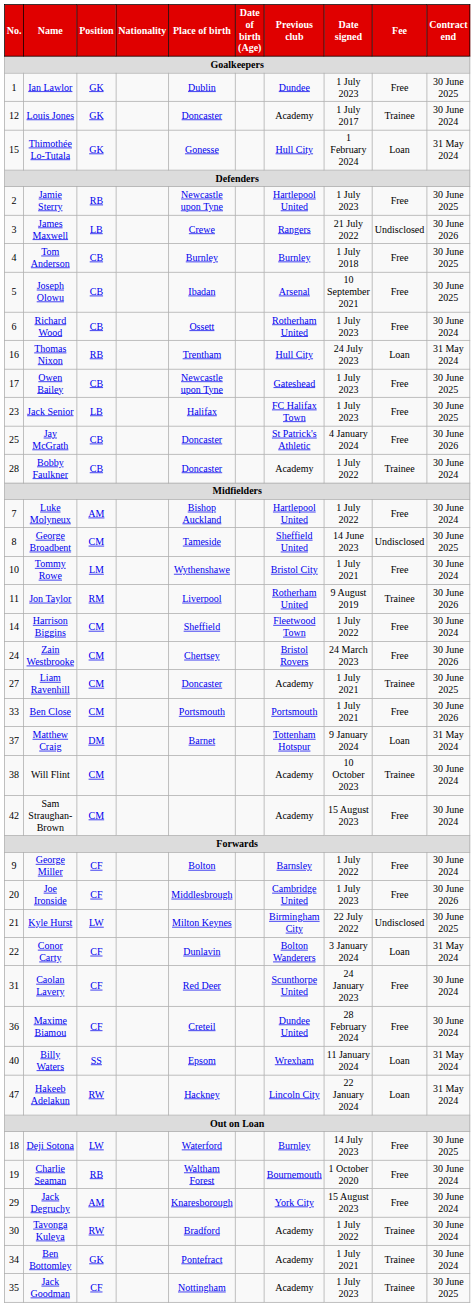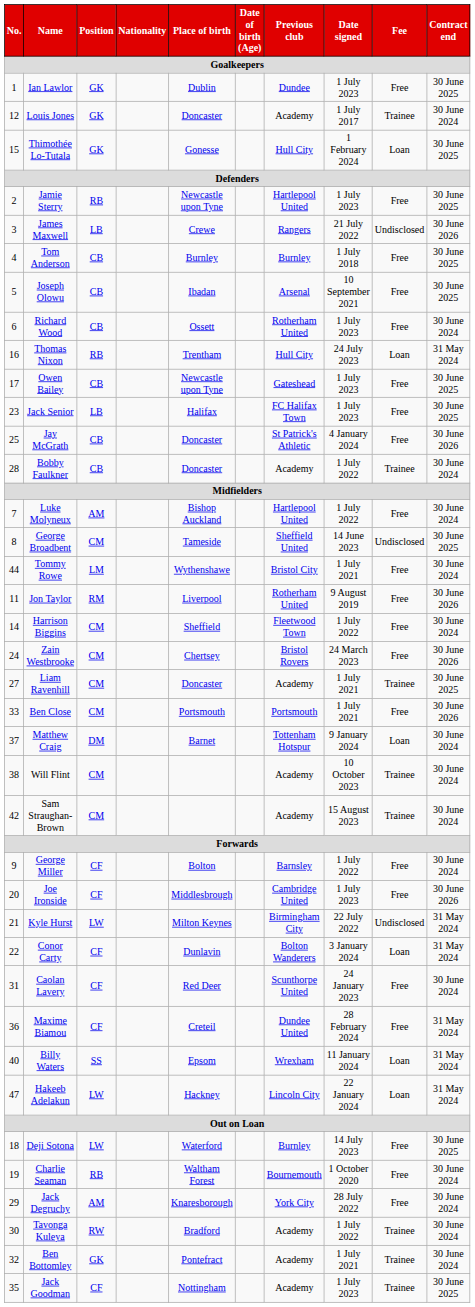 <table class="wikitable" style="text-align:center; font-size:84.5%; width:101%;">
 <tr>
 <th style="background:#E00000;border:1px solid black;color:white; text-align:center;">No.</th>
 <th style="background:#E00000;border:1px solid black;color:white; text-align:center;">Name</th>
 <th style="background:#E00000;border:1px solid black;color:white; text-align:center;">Position</th>
 <th style="background:#E00000;border:1px solid black;color:white; text-align:center;">Nationality</th>
 <th style="background:#E00000;border:1px solid black;color:white; text-align:center;">Place of birth</th>
 <th style="background:#E00000;border:1px solid black;color:white; text-align:center;">Date of birth (Age)</th>
 <th style="background:#E00000;border:1px solid black;color:white; text-align:center;">Previous club</th>
 <th style="background:#E00000;border:1px solid black;color:white; text-align:center;">Date signed</th>
 <th style="background:#E00000;border:1px solid black;color:white; text-align:center;">Fee</th>
 <th style="background:#E00000;border:1px solid black;color:white; text-align:center;">Contract end</th>
 </tr>
 <tr>
 <th colspan="14" style="background:#dcdcdc; tepxt-align:center;">Goalkeepers</th>
 </tr>
 <tr>
 <td>1</td>
 <td><a href='#'>Ian Lawlor</a></td>
 <td><a href='#'>GK</a></td>
 <td></td>
 <td><a href='#'>Dublin</a></td>
 <td></td>
 <td> <a href='#'>Dundee</a></td>
 <td>1 July 2023</td>
 <td>Free</td>
 <td>30 June 2025</td>
 </tr>
 <tr>
 <td>12</td>
 <td><a href='#'>Louis Jones</a></td>
 <td><a href='#'>GK</a></td>
 <td></td>
 <td><a href='#'>Doncaster</a></td>
 <td></td>
 <td>Academy</td>
 <td>1 July 2017</td>
 <td>Trainee</td>
 <td>30 June 2024</td>
 </tr>
 <tr>
 <td>15</td>
 <td><a href='#'>Thimothée Lo-Tutala</a></td>
 <td><a href='#'>GK</a></td>
 <td></td>
 <td><a href='#'>Gonesse</a></td>
 <td></td>
 <td><a href='#'>Hull City</a></td>
 <td>1 February 2024</td>
 <td>Loan</td>
-<td>31 May 2024</td>
+<td>30 June 2025</td>
 </tr>
 <tr>
 <th colspan="14" style="background:#dcdcdc; tepxt-align:center;">Defenders</th>
 </tr>
 <tr>
 <td>2</td>
 <td><a href='#'>Jamie Sterry</a></td>
 <td><a href='#'>RB</a></td>
 <td></td>
 <td><a href='#'>Newcastle upon Tyne</a></td>
 <td></td>
 <td><a href='#'>Hartlepool United</a></td>
 <td>1 July 2023</td>
 <td>Free</td>
 <td>30 June 2025</td>
 </tr>
 <tr>
 <td>3</td>
 <td><a href='#'>James Maxwell</a></td>
 <td><a href='#'>LB</a></td>
 <td></td>
 <td> <a href='#'>Crewe</a></td>
 <td></td>
 <td> <a href='#'>Rangers</a></td>
 <td>21 July 2022</td>
 <td>Undisclosed</td>
 <td>30 June 2026</td>
 </tr>
 <tr>
 <td>4</td>
 <td><a href='#'>Tom Anderson</a></td>
 <td><a href='#'>CB</a></td>
 <td></td>
 <td><a href='#'>Burnley</a></td>
 <td></td>
 <td><a href='#'>Burnley</a></td>
 <td>1 July 2018</td>
 <td>Free</td>
 <td>30 June 2025</td>
 </tr>
 <tr>
 <td>5</td>
 <td><a href='#'>Joseph Olowu</a></td>
 <td><a href='#'>CB</a></td>
 <td></td>
 <td> <a href='#'>Ibadan</a></td>
 <td></td>
 <td><a href='#'>Arsenal</a></td>
 <td>10 September 2021</td>
 <td>Free</td>
 <td>30 June 2025</td>
 </tr>
 <tr>
 <td>6</td>
 <td><a href='#'>Richard Wood</a></td>
 <td><a href='#'>CB</a></td>
 <td></td>
 <td><a href='#'>Ossett</a></td>
 <td></td>
 <td><a href='#'>Rotherham United</a></td>
 <td>1 July 2023</td>
 <td>Free</td>
 <td>30 June 2024</td>
 </tr>
 <tr>
 <td>16</td>
 <td><a href='#'>Thomas Nixon</a></td>
 <td><a href='#'>RB</a></td>
 <td></td>
 <td><a href='#'>Trentham</a></td>
 <td></td>
 <td><a href='#'>Hull City</a></td>
 <td>24 July 2023</td>
 <td>Loan</td>
 <td>31 May 2024</td>
 </tr>
 <tr>
 <td>17</td>
 <td><a href='#'>Owen Bailey</a></td>
 <td><a href='#'>CB</a></td>
 <td></td>
 <td><a href='#'>Newcastle upon Tyne</a></td>
 <td></td>
 <td><a href='#'>Gateshead</a></td>
 <td>1 July 2023</td>
 <td>Free</td>
 <td>30 June 2025</td>
 </tr>
 <tr>
 <td>23</td>
 <td><a href='#'>Jack Senior</a></td>
 <td><a href='#'>LB</a></td>
 <td></td>
 <td><a href='#'>Halifax</a></td>
 <td></td>
 <td><a href='#'>FC Halifax Town</a></td>
 <td>1 July 2023</td>
 <td>Free</td>
 <td>30 June 2025</td>
 </tr>
 <tr>
 <td>25</td>
 <td><a href='#'>Jay McGrath</a></td>
 <td><a href='#'>CB</a></td>
 <td></td>
 <td> <a href='#'>Doncaster</a></td>
 <td></td>
 <td> <a href='#'>St Patrick's Athletic</a></td>
 <td>4 January 2024</td>
 <td>Free</td>
 <td>30 June 2026</td>
 </tr>
 <tr>
 <td>28</td>
 <td><a href='#'>Bobby Faulkner</a></td>
 <td><a href='#'>CB</a></td>
 <td></td>
 <td><a href='#'>Doncaster</a></td>
 <td></td>
 <td>Academy</td>
 <td>1 July 2022</td>
 <td>Trainee</td>
 <td>30 June 2024</td>
 </tr>
 <tr>
 <th colspan="14" style="background:#dcdcdc; tepxt-align:center;">Midfielders</th>
 </tr>
 <tr>
 <td>7</td>
 <td><a href='#'>Luke Molyneux</a></td>
 <td><a href='#'>AM</a></td>
 <td></td>
 <td><a href='#'>Bishop Auckland</a></td>
 <td></td>
 <td><a href='#'>Hartlepool United</a></td>
 <td>1 July 2022</td>
 <td>Free</td>
 <td>30 June 2024</td>
 </tr>
 <tr>
 <td>8</td>
 <td><a href='#'>George Broadbent</a></td>
 <td><a href='#'>CM</a></td>
 <td></td>
 <td><a href='#'>Tameside</a></td>
 <td></td>
 <td><a href='#'>Sheffield United</a></td>
 <td>14 June 2023</td>
 <td>Undisclosed</td>
 <td>30 June 2025</td>
 </tr>
 <tr>
-<td>10</td>
+<td>44</td>
 <td><a href='#'>Tommy Rowe</a></td>
 <td><a href='#'>LM</a></td>
 <td></td>
 <td><a href='#'>Wythenshawe</a></td>
 <td></td>
 <td><a href='#'>Bristol City</a></td>
 <td>1 July 2021</td>
 <td>Free</td>
 <td>30 June 2024</td>
 </tr>
 <tr>
 <td>11</td>
 <td><a href='#'>Jon Taylor</a></td>
 <td><a href='#'>RM</a></td>
 <td></td>
 <td><a href='#'>Liverpool</a></td>
 <td></td>
 <td><a href='#'>Rotherham United</a></td>
 <td>9 August 2019</td>
-<td>Trainee</td>
+<td>Free</td>
 <td>30 June 2026</td>
 </tr>
 <tr>
 <td>14</td>
 <td><a href='#'>Harrison Biggins</a></td>
 <td><a href='#'>CM</a></td>
 <td></td>
 <td><a href='#'>Sheffield</a></td>
 <td></td>
 <td><a href='#'>Fleetwood Town</a></td>
 <td>1 July 2022</td>
 <td>Free</td>
 <td>30 June 2024</td>
 </tr>
 <tr>
 <td>24</td>
 <td><a href='#'>Zain Westbrooke</a></td>
 <td><a href='#'>CM</a></td>
 <td></td>
 <td><a href='#'>Chertsey</a></td>
 <td></td>
 <td><a href='#'>Bristol Rovers</a></td>
 <td>24 March 2023</td>
 <td>Free</td>
 <td>30 June 2026</td>
 </tr>
 <tr>
 <td>27</td>
 <td><a href='#'>Liam Ravenhill</a></td>
 <td><a href='#'>CM</a></td>
 <td></td>
 <td><a href='#'>Doncaster</a></td>
 <td></td>
 <td>Academy</td>
 <td>1 July 2021</td>
 <td>Trainee</td>
 <td>30 June 2025</td>
 </tr>
 <tr>
 <td>33</td>
 <td><a href='#'>Ben Close</a></td>
 <td><a href='#'>CM</a></td>
 <td></td>
 <td><a href='#'>Portsmouth</a></td>
 <td></td>
 <td><a href='#'>Portsmouth</a></td>
 <td>1 July 2021</td>
 <td>Free</td>
 <td>30 June 2026</td>
 </tr>
 <tr>
 <td>37</td>
 <td><a href='#'>Matthew Craig</a></td>
 <td><a href='#'>DM</a></td>
 <td></td>
 <td> <a href='#'>Barnet</a></td>
 <td></td>
 <td><a href='#'>Tottenham Hotspur</a></td>
 <td>9 January 2024</td>
 <td>Loan</td>
-<td>31 May 2024</td>
+<td>30 June 2024</td>
 </tr>
 <tr>
 <td>38</td>
 <td>Will Flint</td>
 <td><a href='#'>CM</a></td>
 <td></td>
 <td></td>
 <td></td>
 <td>Academy</td>
 <td>10 October 2023</td>
 <td>Trainee</td>
 <td>30 June 2024</td>
 </tr>
 <tr>
 <td>42</td>
 <td>Sam Straughan-Brown</td>
 <td><a href='#'>CM</a></td>
 <td></td>
 <td></td>
 <td></td>
 <td>Academy</td>
 <td>15 August 2023</td>
-<td>Free</td>
+<td>Trainee</td>
 <td>30 June 2024</td>
 </tr>
 <tr>
 <th colspan="14" style="background:#dcdcdc; tepxt-align:center;">Forwards</th>
 </tr>
 <tr>
 <td>9</td>
 <td><a href='#'>George Miller</a></td>
 <td><a href='#'>CF</a></td>
 <td></td>
 <td><a href='#'>Bolton</a></td>
 <td></td>
 <td><a href='#'>Barnsley</a></td>
 <td>1 July 2022</td>
 <td>Free</td>
 <td>30 June 2024</td>
 </tr>
 <tr>
 <td>20</td>
 <td><a href='#'>Joe Ironside</a></td>
 <td><a href='#'>CF</a></td>
 <td></td>
 <td><a href='#'>Middlesbrough</a></td>
 <td></td>
 <td><a href='#'>Cambridge United</a></td>
 <td>1 July 2023</td>
 <td>Free</td>
 <td>30 June 2026</td>
 </tr>
 <tr>
 <td>21</td>
 <td><a href='#'>Kyle Hurst</a></td>
 <td><a href='#'>LW</a></td>
 <td></td>
 <td><a href='#'>Milton Keynes</a></td>
 <td></td>
 <td><a href='#'>Birmingham City</a></td>
 <td>22 July 2022</td>
 <td>Undisclosed</td>
-<td>30 June 2025</td>
+<td>31 May 2024</td>
 </tr>
 <tr>
 <td>22</td>
 <td><a href='#'>Conor Carty</a></td>
 <td><a href='#'>CF</a></td>
 <td></td>
 <td><a href='#'>Dunlavin</a></td>
 <td></td>
 <td><a href='#'>Bolton Wanderers</a></td>
 <td>3 January 2024</td>
 <td>Loan</td>
 <td>31 May 2024</td>
 </tr>
 <tr>
 <td>31</td>
 <td><a href='#'>Caolan Lavery</a></td>
 <td><a href='#'>CF</a></td>
 <td></td>
 <td> <a href='#'>Red Deer</a></td>
 <td></td>
 <td><a href='#'>Scunthorpe United</a></td>
 <td>24 January 2023</td>
 <td>Free</td>
 <td>30 June 2024</td>
 </tr>
 <tr>
 <td>36</td>
 <td><a href='#'>Maxime Biamou</a></td>
 <td><a href='#'>CF</a></td>
 <td></td>
 <td><a href='#'>Creteil</a></td>
 <td></td>
 <td><a href='#'>Dundee United</a></td>
 <td>28 February 2024</td>
 <td>Free</td>
-<td>30 June 2024</td>
+<td>31 May 2024</td>
 </tr>
 <tr>
 <td>40</td>
 <td><a href='#'>Billy Waters</a></td>
 <td><a href='#'>SS</a></td>
 <td></td>
 <td><a href='#'>Epsom</a></td>
 <td></td>
 <td> <a href='#'>Wrexham</a></td>
 <td>11 January 2024</td>
 <td>Loan</td>
 <td>31 May 2024</td>
 </tr>
 <tr>
 <td>47</td>
 <td><a href='#'>Hakeeb Adelakun</a></td>
-<td><a href='#'>RW</a></td>
+<td><a href='#'>LW</a></td>
 <td></td>
 <td><a href='#'>Hackney</a></td>
 <td></td>
 <td><a href='#'>Lincoln City</a></td>
 <td>22 January 2024</td>
 <td>Loan</td>
 <td>31 May 2024</td>
 </tr>
 <tr>
 <th colspan="14" style="background:#dcdcdc; tepxt-align:center;">Out on Loan</th>
 </tr>
 <tr>
 <td>18</td>
 <td><a href='#'>Deji Sotona</a></td>
 <td><a href='#'>LW</a></td>
 <td></td>
 <td><a href='#'>Waterford</a></td>
 <td></td>
 <td><a href='#'>Burnley</a></td>
 <td>14 July 2023</td>
 <td>Free</td>
 <td>30 June 2025</td>
 </tr>
 <tr>
 <td>19</td>
 <td><a href='#'>Charlie Seaman</a></td>
 <td><a href='#'>RB</a></td>
 <td></td>
 <td><a href='#'>Waltham Forest</a></td>
 <td></td>
 <td><a href='#'>Bournemouth</a></td>
 <td>1 October 2020</td>
 <td>Free</td>
 <td>30 June 2024</td>
 </tr>
 <tr>
 <td>29</td>
 <td><a href='#'>Jack Degruchy</a></td>
 <td><a href='#'>AM</a></td>
 <td></td>
 <td><a href='#'>Knaresborough</a></td>
 <td></td>
 <td><a href='#'>York City</a></td>
-<td>15 August 2023</td>
+<td>28 July 2022</td>
 <td>Free</td>
 <td>30 June 2024</td>
 </tr>
 <tr>
 <td>30</td>
 <td><a href='#'>Tavonga Kuleya</a></td>
 <td><a href='#'>RW</a></td>
 <td></td>
 <td><a href='#'>Bradford</a></td>
 <td></td>
 <td>Academy</td>
 <td>1 July 2022</td>
 <td>Trainee</td>
 <td>30 June 2024</td>
 </tr>
 <tr>
-<td>34</td>
+<td>32</td>
 <td><a href='#'>Ben Bottomley</a></td>
 <td><a href='#'>GK</a></td>
 <td></td>
 <td><a href='#'>Pontefract</a></td>
 <td></td>
 <td>Academy</td>
 <td>1 July 2021</td>
 <td>Trainee</td>
 <td>30 June 2024</td>
 </tr>
 <tr>
 <td>35</td>
 <td><a href='#'>Jack Goodman</a></td>
 <td><a href='#'>CF</a></td>
 <td></td>
 <td><a href='#'>Nottingham</a></td>
 <td></td>
 <td>Academy</td>
 <td>1 July 2023</td>
 <td>Trainee</td>
 <td>30 June 2025</td>
 </tr>
 </table>
